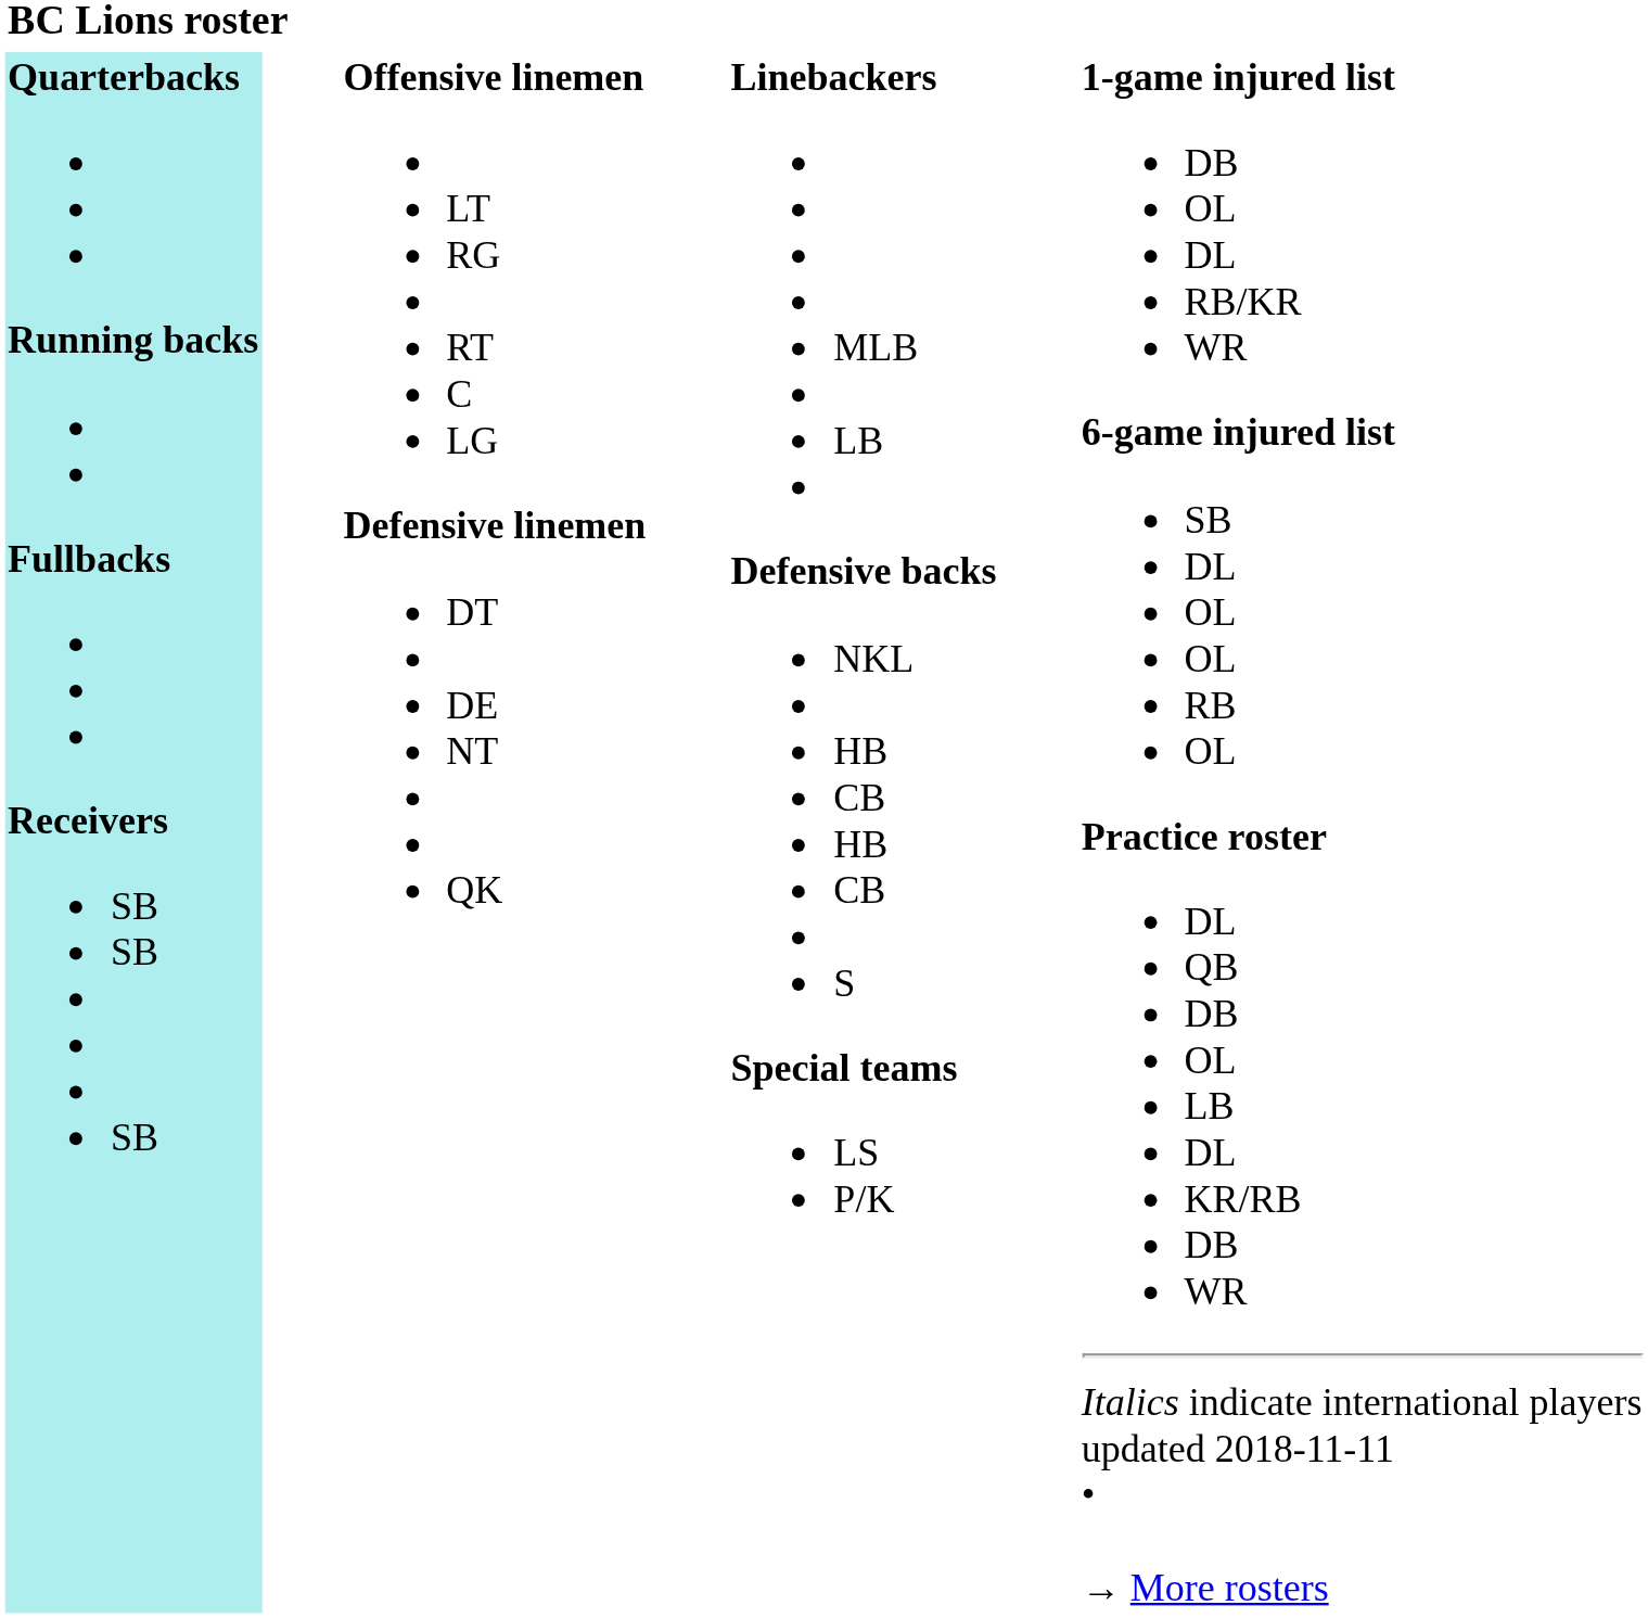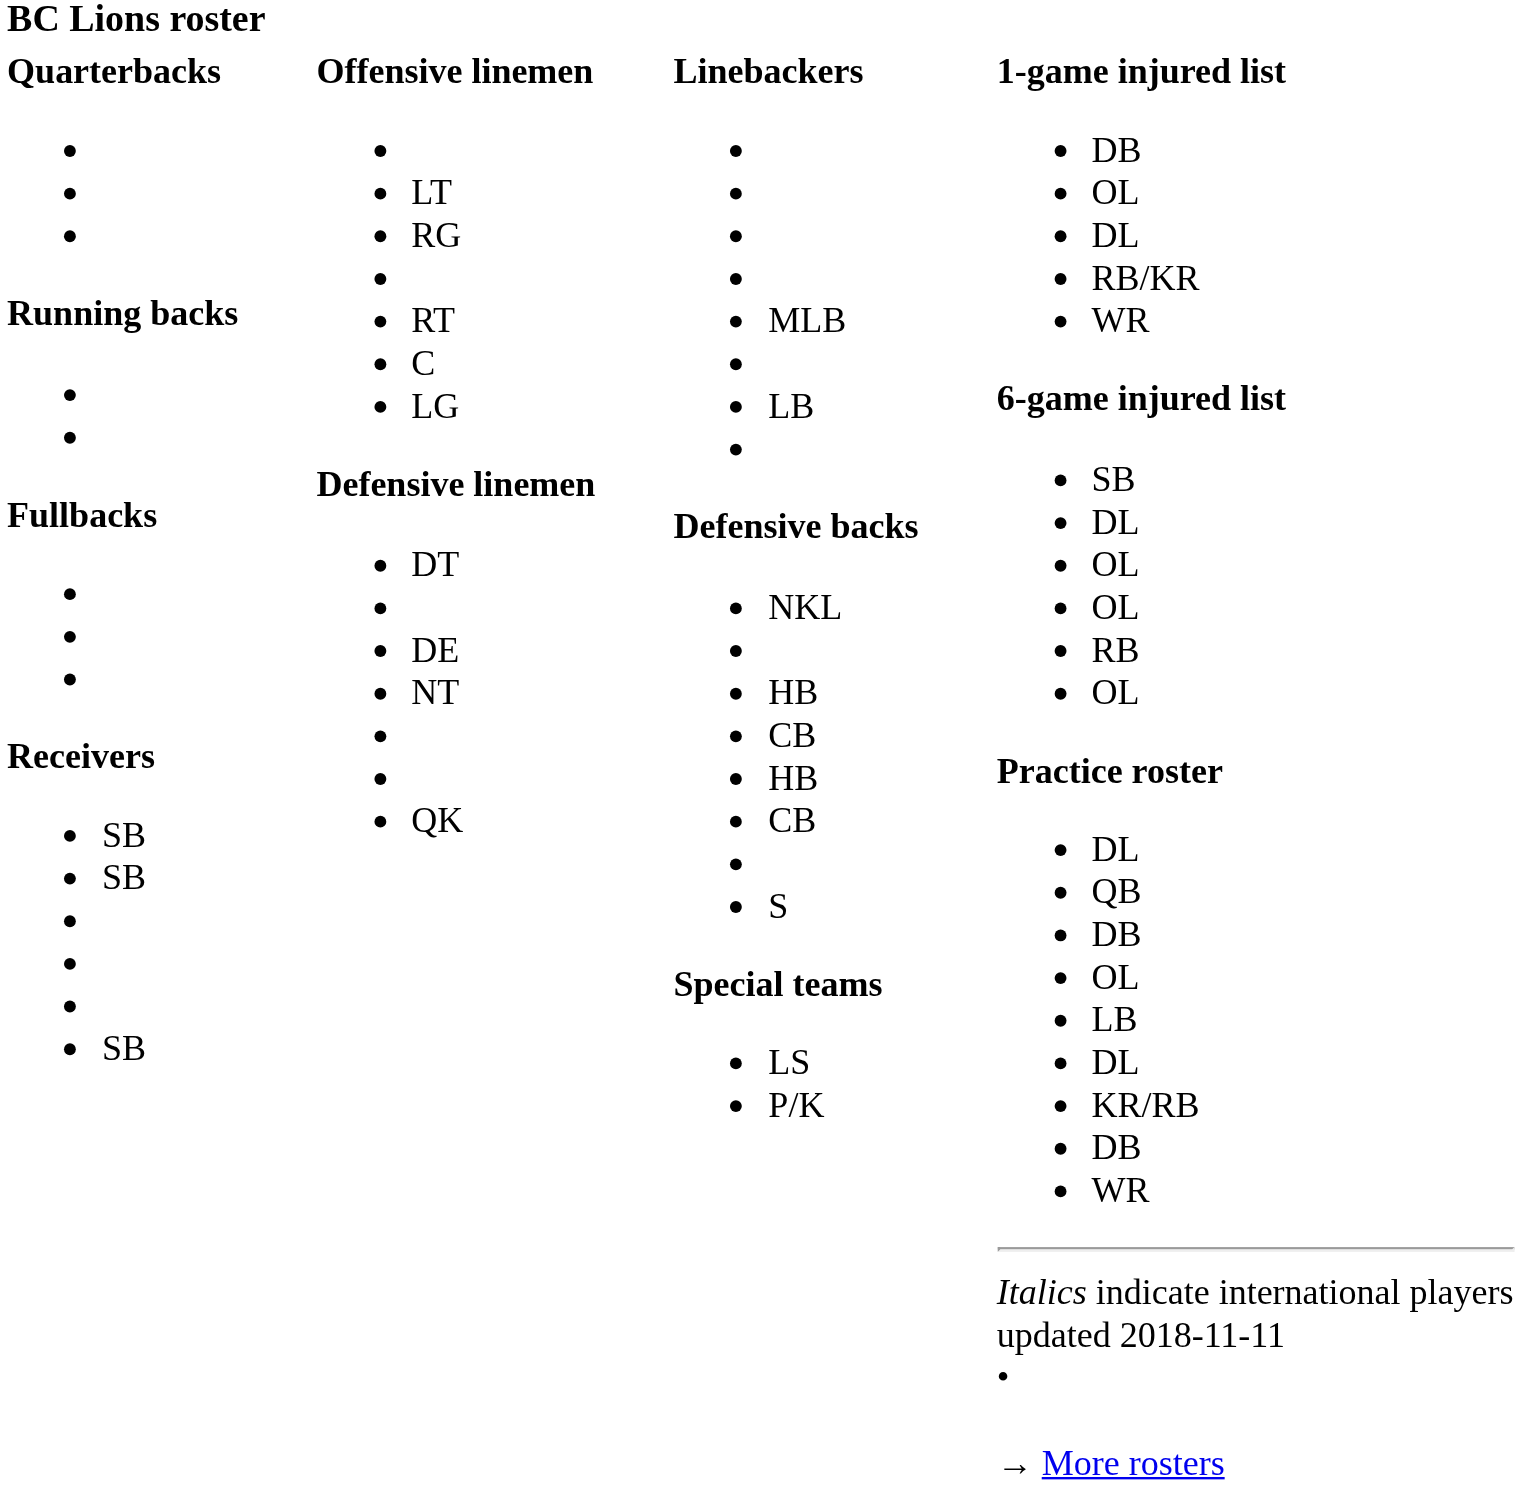 <table class="toccolours" style="text-align: left;">
 <tr>
 <th colspan="7">BC Lions roster</th>
 </tr>
 <tr>
-<td style="background: paleturquoise; font-size: 95%;vertical-align:top;"><strong>Quarterbacks</strong><br><ul><li></li><li></li><li></li></ul><strong>Running backs</strong><ul><li></li><li></li></ul><strong>Fullbacks</strong><ul><li></li><li></li><li></li></ul><strong>Receivers</strong><ul><li> SB</li><li> SB</li><li></li><li></li><li></li><li> SB</li></ul></td>
+<td style="font-size: 95%;vertical-align:top;"><strong>Quarterbacks</strong><br><ul><li></li><li></li><li></li></ul><strong>Running backs</strong><ul><li></li><li></li></ul><strong>Fullbacks</strong><ul><li></li><li></li><li></li></ul><strong>Receivers</strong><ul><li> SB</li><li> SB</li><li></li><li></li><li></li><li> SB</li></ul></td>
 <td style="width: 25px;"></td>
 <td style="font-size: 95%;vertical-align:top;"><strong>Offensive linemen</strong><br><ul><li></li><li> LT</li><li> RG</li><li></li><li> RT</li><li> C</li><li> LG</li></ul><strong>Defensive linemen</strong><ul><li> DT</li><li></li><li> DE</li><li> NT</li><li></li><li></li><li> QK</li></ul></td>
 <td style="width: 25px;"></td>
 <td style="font-size: 95%;vertical-align:top;"><strong>Linebackers</strong><br><ul><li></li><li></li><li></li><li></li><li> MLB</li><li></li><li> LB</li><li></li></ul><strong>Defensive backs</strong><ul><li> NKL</li><li></li><li> HB</li><li> CB</li><li> HB</li><li> CB</li><li></li><li> S</li></ul><strong>Special teams</strong><ul><li> LS</li><li> P/K</li></ul></td>
 <td style="width: 25px;"></td>
 <td style="font-size: 95%;vertical-align:top;"><strong>1-game injured list</strong><br><ul><li> DB</li><li> OL</li><li> DL</li><li> RB/KR</li><li> WR</li></ul><strong>6-game injured list</strong><ul><li> SB</li><li> DL</li><li> OL</li><li> OL</li><li> RB</li><li> OL</li></ul><strong>Practice roster</strong><ul><li> DL</li><li> QB</li><li> DB</li><li> OL</li><li> LB</li><li> DL</li><li> KR/RB</li><li> DB</li><li> WR</li></ul><hr> <em>Italics</em> indicate international players<br> <span></span> updated 2018-11-11<br> <span></span> • <span></span><br> <br>→ <a href='#'>More rosters</a></td>
 </tr>
 <tr>
 </tr>
 </table>
